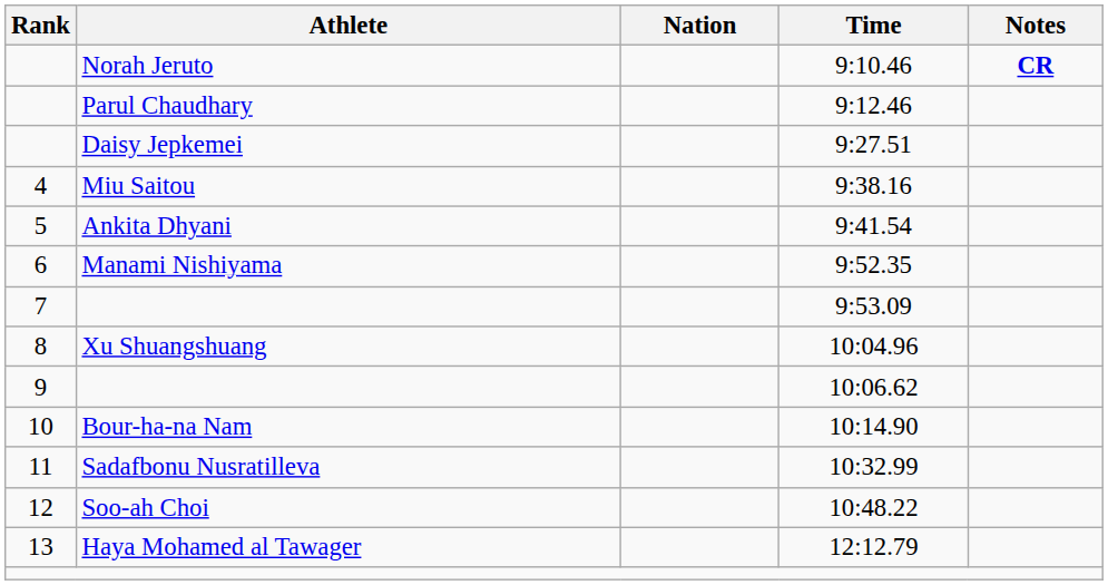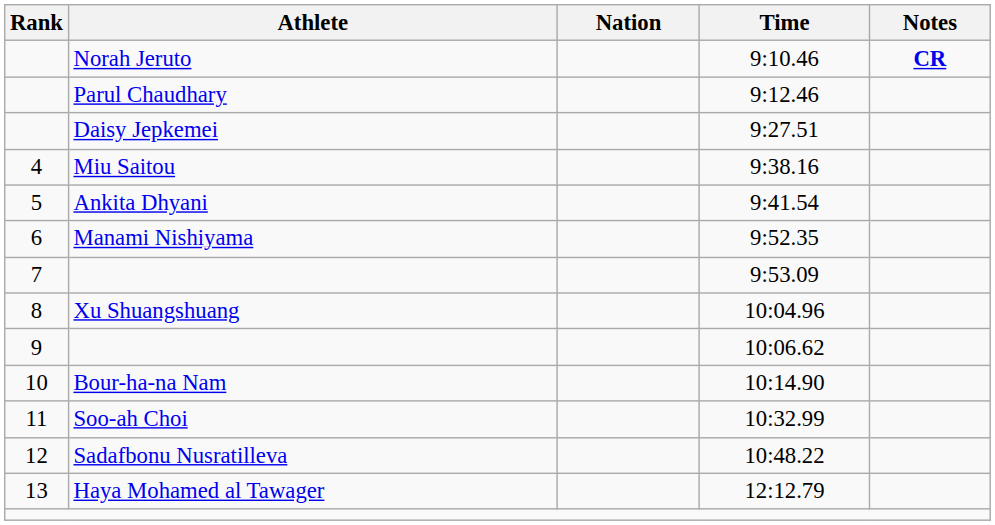 <table class="wikitable sortable" style="text-align:center;width: 55%;">
 <tr>
 <th scope="col" style="width: 10px;">Rank</th>
 <th scope="col">Athlete</th>
 <th scope="col">Nation</th>
 <th scope="col">Time</th>
 <th scope="col">Notes</th>
 </tr>
 <tr>
 <td></td>
 <td align=left><a href='#'>Norah Jeruto</a></td>
 <td align=left></td>
 <td>9:10.46</td>
 <td><strong><a href='#'>CR</a></strong></td>
 </tr>
 <tr>
 <td></td>
 <td align=left><a href='#'>Parul Chaudhary</a></td>
 <td align=left></td>
 <td>9:12.46</td>
 <td></td>
 </tr>
 <tr>
 <td></td>
 <td align=left><a href='#'>Daisy Jepkemei</a></td>
 <td align=left></td>
 <td>9:27.51</td>
 <td></td>
 </tr>
 <tr>
 <td>4</td>
 <td align=left><a href='#'>Miu Saitou</a></td>
 <td align=left></td>
 <td>9:38.16</td>
 <td></td>
 </tr>
 <tr>
 <td>5</td>
 <td align=left><a href='#'>Ankita Dhyani</a></td>
 <td align=left></td>
 <td>9:41.54</td>
 <td></td>
 </tr>
 <tr>
 <td>6</td>
 <td align=left><a href='#'>Manami Nishiyama</a></td>
 <td align=left></td>
 <td>9:52.35</td>
 <td></td>
 </tr>
 <tr>
 <td>7</td>
 <td align=left></td>
 <td align=left></td>
 <td>9:53.09</td>
 <td></td>
 </tr>
 <tr>
 <td>8</td>
 <td align=left><a href='#'>Xu Shuangshuang</a></td>
 <td align=left></td>
 <td>10:04.96</td>
 <td></td>
 </tr>
 <tr>
 <td>9</td>
 <td align=left></td>
 <td align=left></td>
 <td>10:06.62</td>
 <td></td>
 </tr>
 <tr>
 <td>10</td>
 <td align=left><a href='#'>Bour-ha-na Nam</a></td>
 <td align=left></td>
 <td>10:14.90</td>
 <td></td>
 </tr>
 <tr>
 <td>11</td>
-<td align=left><a href='#'>Sadafbonu Nusratilleva</a></td>
+<td align=left><a href='#'>Soo-ah Choi</a></td>
 <td align=left></td>
 <td>10:32.99</td>
 <td></td>
 </tr>
 <tr>
 <td>12</td>
-<td align=left><a href='#'>Soo-ah Choi</a></td>
+<td align=left><a href='#'>Sadafbonu Nusratilleva</a></td>
 <td align=left></td>
 <td>10:48.22</td>
 <td></td>
 </tr>
 <tr>
 <td>13</td>
 <td align=left><a href='#'>Haya Mohamed al Tawager</a></td>
 <td align=left></td>
 <td>12:12.79</td>
 <td></td>
 </tr>
 <tr class="sortbottom">
 <td colspan="5"></td>
 </tr>
 </table>
